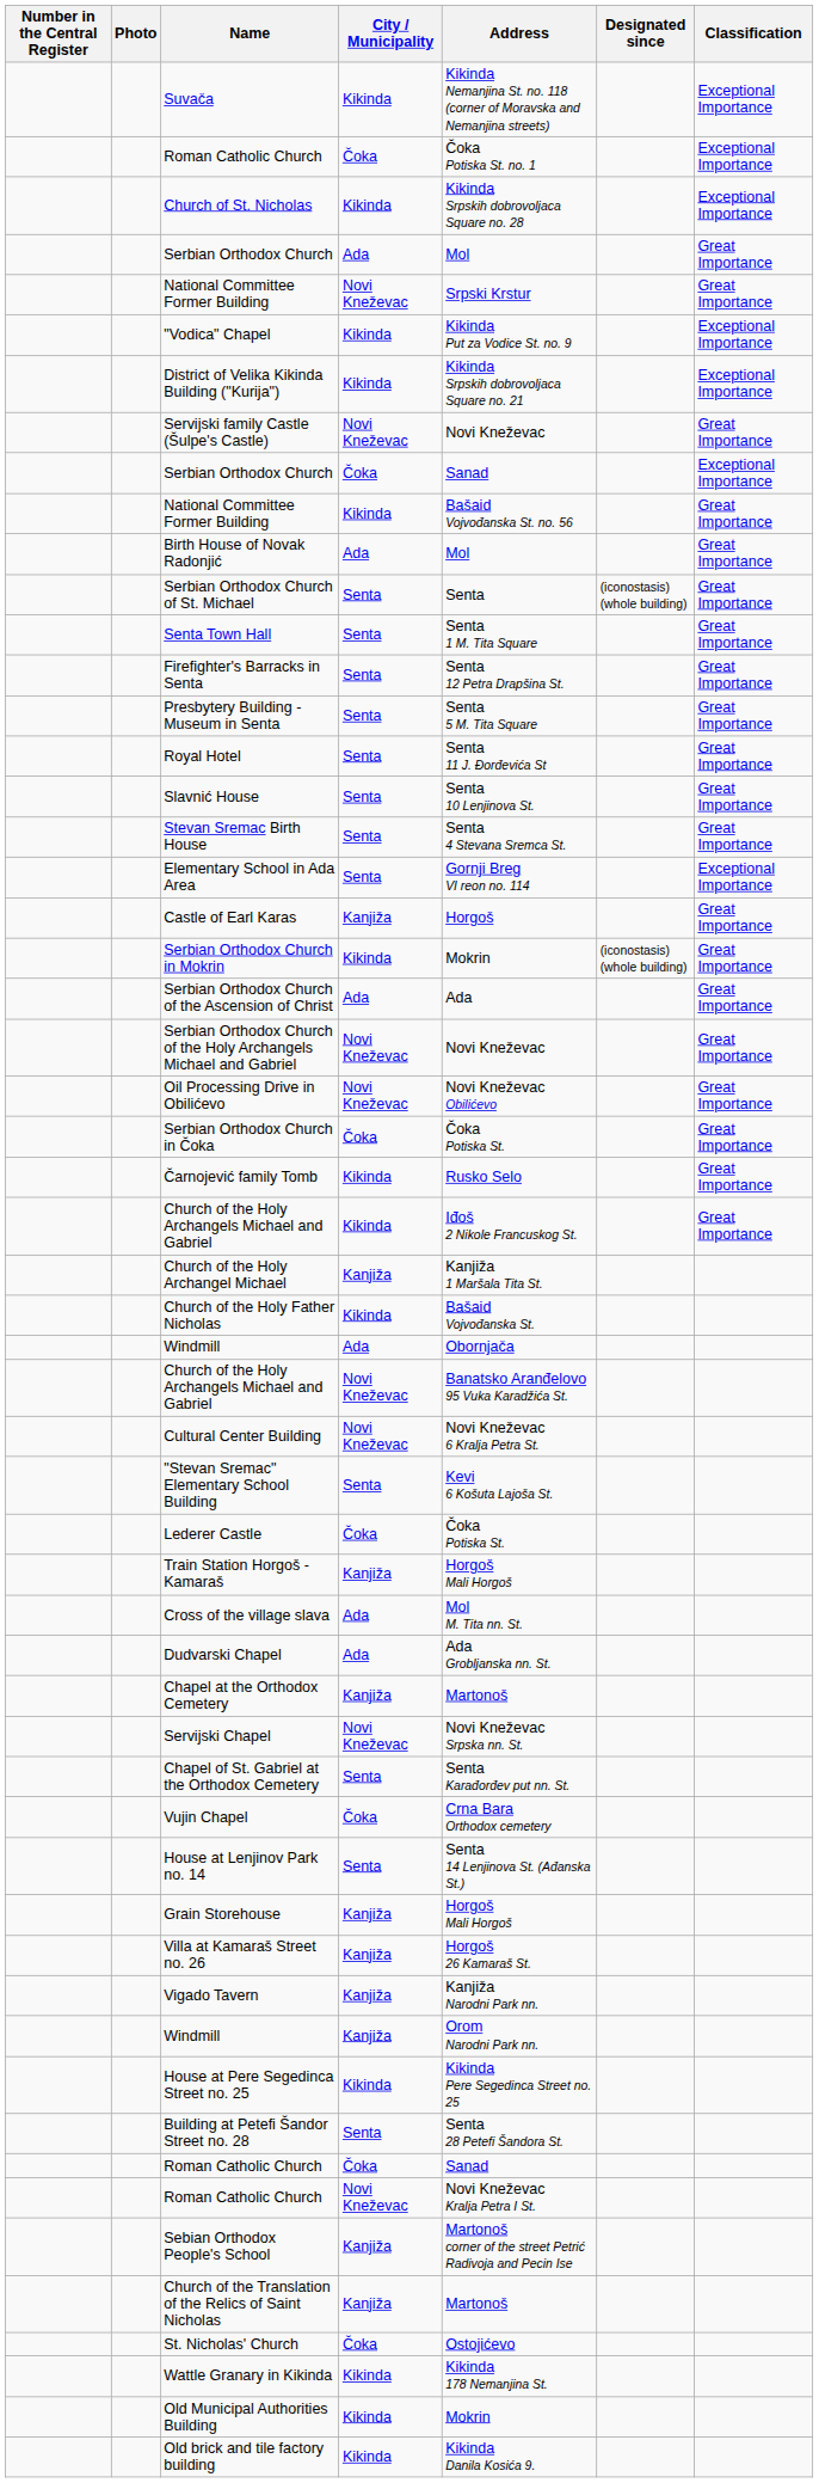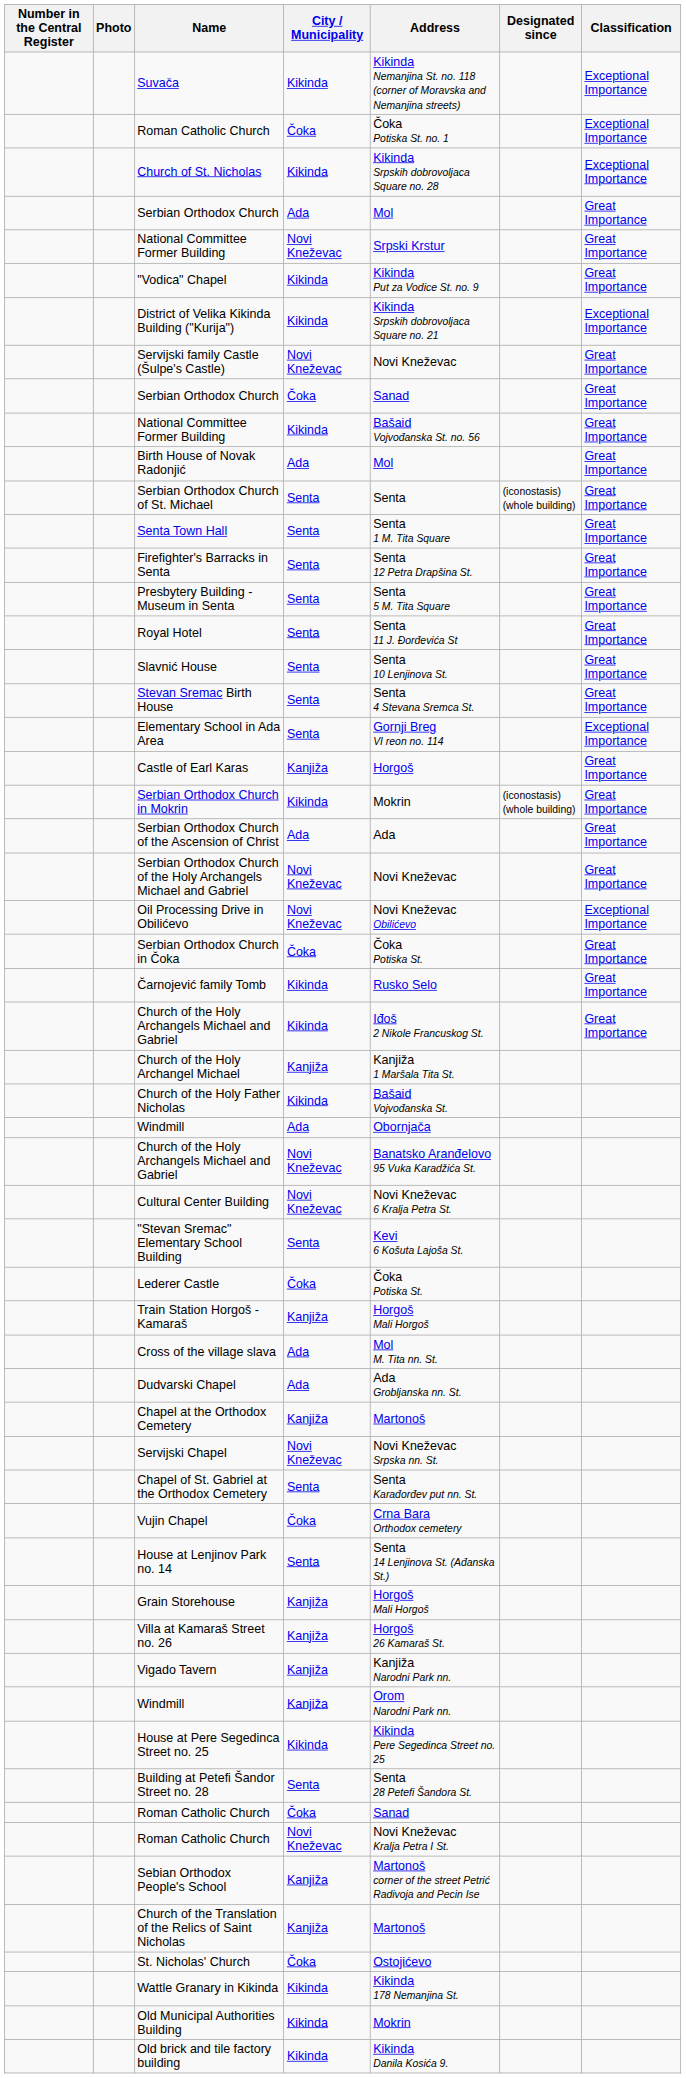 <table class="wikitable sortable">
 <tr>
 <th>Number in the Central Register</th>
 <th>Photo</th>
 <th>Name</th>
 <th><a href='#'>City / Municipality</a></th>
 <th>Address</th>
 <th>Designated since</th>
 <th>Classification</th>
 </tr>
 <tr>
 <td></td>
 <td></td>
 <td><a href='#'>Suvača</a></td>
 <td><a href='#'>Kikinda</a></td>
 <td><a href='#'>Kikinda</a><br><small><em>Nemanjina St. no. 118 (corner of Moravska and Nemanjina streets)</em></small> </td>
 <td></td>
 <td><a href='#'>Exceptional Importance</a></td>
 </tr>
 <tr>
 <td></td>
 <td></td>
 <td>Roman Catholic Church</td>
 <td><a href='#'>Čoka</a></td>
 <td>Čoka<br><small><em>Potiska St. no. 1</em></small> </td>
 <td></td>
 <td><a href='#'>Exceptional Importance</a></td>
 </tr>
 <tr>
 <td></td>
 <td></td>
 <td><a href='#'>Church of St. Nicholas</a></td>
 <td><a href='#'>Kikinda</a></td>
 <td><a href='#'>Kikinda</a><br><small><em>Srpskih dobrovoljaca Square no. 28</em></small> </td>
 <td></td>
 <td><a href='#'>Exceptional Importance</a></td>
 </tr>
 <tr>
 <td></td>
 <td></td>
 <td>Serbian Orthodox Church</td>
 <td><a href='#'>Ada</a></td>
 <td><a href='#'>Mol</a><br></td>
 <td></td>
 <td><a href='#'>Great Importance</a></td>
 </tr>
 <tr>
 <td></td>
 <td></td>
 <td>National Committee Former Building</td>
 <td><a href='#'>Novi Kneževac</a></td>
 <td><a href='#'>Srpski Krstur</a><br></td>
 <td></td>
 <td><a href='#'>Great Importance</a></td>
 </tr>
 <tr>
 <td></td>
 <td></td>
 <td>"Vodica" Chapel</td>
 <td><a href='#'>Kikinda</a></td>
 <td><a href='#'>Kikinda</a><br><em><small>Put za Vodice St. no. 9</small></em> </td>
 <td align="left"></td>
-<td><a href='#'>Exceptional Importance</a></td>
+<td><a href='#'>Great Importance</a></td>
 </tr>
 <tr>
 <td></td>
 <td></td>
 <td>District of Velika Kikinda Building ("Kurija")</td>
 <td><a href='#'>Kikinda</a></td>
 <td><a href='#'>Kikinda</a><br><small><em>Srpskih dobrovoljaca Square no. 21</em></small> </td>
 <td align="left"></td>
 <td><a href='#'>Exceptional Importance</a></td>
 </tr>
 <tr>
 <td></td>
 <td></td>
 <td>Servijski family Castle (Šulpe's Castle)</td>
 <td><a href='#'>Novi Kneževac</a></td>
 <td>Novi Kneževac<br></td>
 <td></td>
 <td><a href='#'>Great Importance</a></td>
 </tr>
 <tr>
 <td></td>
 <td></td>
 <td>Serbian Orthodox Church</td>
 <td><a href='#'>Čoka</a></td>
 <td><a href='#'>Sanad</a><br></td>
 <td></td>
-<td><a href='#'>Exceptional Importance</a></td>
+<td><a href='#'>Great Importance</a></td>
 </tr>
 <tr>
 <td></td>
 <td></td>
 <td>National Committee Former Building</td>
 <td><a href='#'>Kikinda</a></td>
 <td><a href='#'>Bašaid</a><br><small><em>Vojvođanska St. no. 56</em></small><br></td>
 <td></td>
 <td><a href='#'>Great Importance</a></td>
 </tr>
 <tr>
 <td></td>
 <td></td>
 <td>Birth House of Novak Radonjić</td>
 <td><a href='#'>Ada</a></td>
 <td><a href='#'>Mol</a><br></td>
 <td></td>
 <td><a href='#'>Great Importance</a></td>
 </tr>
 <tr>
 <td></td>
 <td></td>
 <td>Serbian Orthodox Church of St. Michael</td>
 <td><a href='#'>Senta</a></td>
 <td>Senta<br></td>
 <td> <small>(iconostasis)</small><br> <small>(whole building)</small></td>
 <td><a href='#'>Great Importance</a></td>
 </tr>
 <tr>
 <td></td>
 <td></td>
 <td><a href='#'>Senta Town Hall</a></td>
 <td><a href='#'>Senta</a></td>
 <td>Senta<br><em><small>1 M. Tita Square</small></em> </td>
 <td></td>
 <td><a href='#'>Great Importance</a></td>
 </tr>
 <tr>
 <td></td>
 <td></td>
 <td>Firefighter's Barracks in Senta</td>
 <td><a href='#'>Senta</a></td>
 <td>Senta<br><em><small>12 Petra Drapšina St.</small></em> </td>
 <td></td>
 <td><a href='#'>Great Importance</a></td>
 </tr>
 <tr>
 <td></td>
 <td></td>
 <td>Presbytery Building - Museum in Senta</td>
 <td><a href='#'>Senta</a></td>
 <td>Senta<br><em><small>5 M. Tita Square</small></em> </td>
 <td></td>
 <td><a href='#'>Great Importance</a></td>
 </tr>
 <tr>
 <td></td>
 <td></td>
 <td>Royal Hotel</td>
 <td><a href='#'>Senta</a></td>
 <td>Senta<br><em><small>11 J. Đorđevića St</small></em> </td>
 <td></td>
 <td><a href='#'>Great Importance</a></td>
 </tr>
 <tr>
 <td></td>
 <td></td>
 <td>Slavnić House</td>
 <td><a href='#'>Senta</a></td>
 <td>Senta<br><em><small>10 Lenjinova St.</small></em> </td>
 <td></td>
 <td><a href='#'>Great Importance</a></td>
 </tr>
 <tr>
 <td></td>
 <td></td>
 <td><a href='#'>Stevan Sremac</a> Birth House</td>
 <td><a href='#'>Senta</a></td>
 <td>Senta<br><em><small>4 Stevana Sremca St.</small></em> </td>
 <td></td>
 <td><a href='#'>Great Importance</a></td>
 </tr>
 <tr>
 <td></td>
 <td></td>
 <td>Elementary School in Ada Area</td>
 <td><a href='#'>Senta</a></td>
 <td><a href='#'>Gornji Breg</a><br><em><small>VI reon no. 114</small></em> </td>
 <td></td>
 <td><a href='#'>Exceptional Importance</a></td>
 </tr>
 <tr>
 <td></td>
 <td></td>
 <td>Castle of Earl Karas</td>
 <td><a href='#'>Kanjiža</a></td>
 <td><a href='#'>Horgoš</a><br></td>
 <td></td>
 <td><a href='#'>Great Importance</a></td>
 </tr>
 <tr>
 <td></td>
 <td></td>
 <td><a href='#'>Serbian Orthodox Church in Mokrin</a></td>
 <td><a href='#'>Kikinda</a></td>
 <td>Mokrin<br></td>
 <td> <small>(iconostasis)</small><br> <small>(whole building)</small></td>
 <td><a href='#'>Great Importance</a></td>
 </tr>
 <tr>
 <td></td>
 <td></td>
 <td>Serbian Orthodox Church of the Ascension of Christ</td>
 <td><a href='#'>Ada</a></td>
 <td>Ada<br></td>
 <td></td>
 <td><a href='#'>Great Importance</a></td>
 </tr>
 <tr>
 <td></td>
 <td></td>
 <td>Serbian Orthodox Church of the Holy Archangels Michael and Gabriel</td>
 <td><a href='#'>Novi Kneževac</a></td>
 <td>Novi Kneževac<br></td>
 <td></td>
 <td><a href='#'>Great Importance</a></td>
 </tr>
 <tr>
 <td></td>
 <td></td>
 <td>Oil Processing Drive in Obilićevo</td>
 <td><a href='#'>Novi Kneževac</a></td>
 <td>Novi Kneževac<br><em><small><a href='#'>Obilićevo</a></small></em> </td>
 <td></td>
-<td><a href='#'>Great Importance</a></td>
+<td><a href='#'>Exceptional Importance</a></td>
 </tr>
 <tr>
 <td></td>
 <td></td>
 <td>Serbian Orthodox Church in Čoka</td>
 <td><a href='#'>Čoka</a></td>
 <td>Čoka<br><em><small>Potiska St.</small></em> </td>
 <td></td>
 <td><a href='#'>Great Importance</a></td>
 </tr>
 <tr>
 <td></td>
 <td></td>
 <td>Čarnojević family Tomb</td>
 <td><a href='#'>Kikinda</a></td>
 <td><a href='#'>Rusko Selo</a><br></td>
 <td></td>
 <td><a href='#'>Great Importance</a></td>
 </tr>
 <tr>
 <td></td>
 <td></td>
 <td>Church of the Holy Archangels Michael and Gabriel</td>
 <td><a href='#'>Kikinda</a></td>
 <td><a href='#'>Iđoš</a><br><em><small>2 Nikole Francuskog St.</small></em> </td>
 <td align="left"></td>
 <td><a href='#'>Great Importance</a></td>
 </tr>
 <tr>
 <td></td>
 <td></td>
 <td>Church of the Holy Archangel Michael</td>
 <td><a href='#'>Kanjiža</a></td>
 <td>Kanjiža<br><em><small>1 Maršala Tita St.</small></em> </td>
 <td></td>
 <td></td>
 </tr>
 <tr>
 <td></td>
 <td></td>
 <td>Church of the Holy Father Nicholas</td>
 <td><a href='#'>Kikinda</a></td>
 <td><a href='#'>Bašaid</a><br><em><small>Vojvođanska St.</small></em> </td>
 <td></td>
 <td></td>
 </tr>
 <tr>
 <td></td>
 <td></td>
 <td>Windmill</td>
 <td><a href='#'>Ada</a></td>
 <td><a href='#'>Obornjača</a><br></td>
 <td></td>
 <td></td>
 </tr>
 <tr>
 <td></td>
 <td></td>
 <td>Church of the Holy Archangels Michael and Gabriel</td>
 <td><a href='#'>Novi Kneževac</a></td>
 <td><a href='#'>Banatsko Aranđelovo</a><br><em><small>95 Vuka Karadžića St.</small></em> </td>
 <td></td>
 <td></td>
 </tr>
 <tr>
 <td></td>
 <td></td>
 <td>Cultural Center Building</td>
 <td><a href='#'>Novi Kneževac</a></td>
 <td>Novi Kneževac<br><em><small>6 Kralja Petra St.</small></em> </td>
 <td></td>
 <td></td>
 </tr>
 <tr>
 <td></td>
 <td></td>
 <td>"Stevan Sremac" Elementary School Building</td>
 <td><a href='#'>Senta</a></td>
 <td><a href='#'>Kevi</a><br><em><small>6 Košuta Lajoša St.</small></em> </td>
 <td></td>
 <td></td>
 </tr>
 <tr>
 <td></td>
 <td></td>
 <td>Lederer Castle</td>
 <td><a href='#'>Čoka</a></td>
 <td>Čoka<br><em><small>Potiska St.</small></em> </td>
 <td></td>
 <td></td>
 </tr>
 <tr>
 <td></td>
 <td></td>
 <td>Train Station Horgoš - Kamaraš</td>
 <td><a href='#'>Kanjiža</a></td>
 <td><a href='#'>Horgoš</a><br><em><small>Mali Horgoš</small></em> </td>
 <td></td>
 <td></td>
 </tr>
 <tr>
 <td></td>
 <td></td>
 <td>Cross of the village slava</td>
 <td><a href='#'>Ada</a></td>
 <td><a href='#'>Mol</a><br><em><small>M. Tita nn. St.</small></em> </td>
 <td></td>
 <td></td>
 </tr>
 <tr>
 <td></td>
 <td></td>
 <td>Dudvarski Chapel</td>
 <td><a href='#'>Ada</a></td>
 <td>Ada<br><em><small>Grobljanska nn. St.</small></em> </td>
 <td></td>
 <td></td>
 </tr>
 <tr>
 <td></td>
 <td></td>
 <td>Chapel at the Orthodox Cemetery</td>
 <td><a href='#'>Kanjiža</a></td>
 <td><a href='#'>Martonoš</a><br></td>
 <td></td>
 <td></td>
 </tr>
 <tr>
 <td></td>
 <td></td>
 <td>Servijski Chapel</td>
 <td><a href='#'>Novi Kneževac</a></td>
 <td>Novi Kneževac<br><em><small>Srpska nn. St.</small></em> </td>
 <td></td>
 <td></td>
 </tr>
 <tr>
 <td></td>
 <td></td>
 <td>Chapel of St. Gabriel at the Orthodox Cemetery</td>
 <td><a href='#'>Senta</a></td>
 <td>Senta<br><em><small>Karađorđev put nn. St.</small></em> </td>
 <td></td>
 <td></td>
 </tr>
 <tr>
 <td></td>
 <td></td>
 <td>Vujin Chapel</td>
 <td><a href='#'>Čoka</a></td>
 <td><a href='#'>Crna Bara</a><br><em><small>Orthodox cemetery</small></em> </td>
 <td></td>
 <td></td>
 </tr>
 <tr>
 <td></td>
 <td></td>
 <td>House at Lenjinov Park no. 14</td>
 <td><a href='#'>Senta</a></td>
 <td>Senta<br><em><small>14 Lenjinova St. (Ađanska St.)</small></em> </td>
 <td></td>
 <td></td>
 </tr>
 <tr>
 <td></td>
 <td></td>
 <td>Grain Storehouse</td>
 <td><a href='#'>Kanjiža</a></td>
 <td><a href='#'>Horgoš</a><br><em><small>Mali Horgoš</small></em> </td>
 <td></td>
 <td></td>
 </tr>
 <tr>
 <td></td>
 <td></td>
 <td>Villa at Kamaraš Street no. 26</td>
 <td><a href='#'>Kanjiža</a></td>
 <td><a href='#'>Horgoš</a><br><em><small>26 Kamaraš St.</small></em> </td>
 <td></td>
 <td></td>
 </tr>
 <tr>
 <td></td>
 <td></td>
 <td>Vigado Tavern</td>
 <td><a href='#'>Kanjiža</a></td>
 <td>Kanjiža<br><em><small>Narodni Park nn.</small></em> </td>
 <td></td>
 <td></td>
 </tr>
 <tr>
 <td></td>
 <td></td>
 <td>Windmill</td>
 <td><a href='#'>Kanjiža</a></td>
 <td><a href='#'>Orom</a><br><em><small>Narodni Park nn.</small></em> </td>
 <td></td>
 <td></td>
 </tr>
 <tr>
 <td></td>
 <td></td>
 <td>House at Pere Segedinca Street no. 25</td>
 <td><a href='#'>Kikinda</a></td>
 <td><a href='#'>Kikinda</a><br><small><em>Pere Segedinca Street no. 25</em></small> </td>
 <td></td>
 <td></td>
 </tr>
 <tr>
 <td></td>
 <td></td>
 <td>Building at Petefi Šandor Street no. 28</td>
 <td><a href='#'>Senta</a></td>
 <td>Senta<br><em><small>28 Petefi Šandora St.</small></em> </td>
 <td></td>
 <td></td>
 </tr>
 <tr>
 <td></td>
 <td></td>
 <td>Roman Catholic Church</td>
 <td><a href='#'>Čoka</a></td>
 <td><a href='#'>Sanad</a><br></td>
 <td></td>
 <td></td>
 </tr>
 <tr>
 <td></td>
 <td></td>
 <td>Roman Catholic Church</td>
 <td><a href='#'>Novi Kneževac</a></td>
 <td>Novi Kneževac<br><em><small>Kralja Petra I St.</small></em> </td>
 <td></td>
 <td></td>
 </tr>
 <tr>
 <td></td>
 <td></td>
 <td>Sebian Orthodox People's School</td>
 <td><a href='#'>Kanjiža</a></td>
 <td><a href='#'>Martonoš</a><br><em><small>corner of the street Petrić Radivoja and Pecin Ise</small></em> </td>
 <td></td>
 <td></td>
 </tr>
 <tr>
 <td></td>
 <td></td>
 <td>Church of the Translation of the Relics of Saint Nicholas</td>
 <td><a href='#'>Kanjiža</a></td>
 <td><a href='#'>Martonoš</a><br></td>
 <td></td>
 <td></td>
 </tr>
 <tr>
 <td></td>
 <td></td>
 <td>St. Nicholas' Church</td>
 <td><a href='#'>Čoka</a></td>
 <td><a href='#'>Ostojićevo</a><br></td>
 <td></td>
 <td></td>
 </tr>
 <tr>
 <td></td>
 <td></td>
 <td>Wattle Granary in Kikinda</td>
 <td><a href='#'>Kikinda</a></td>
 <td><a href='#'>Kikinda</a><br><small><em>178 Nemanjina St.</em></small> </td>
 <td></td>
 <td></td>
 </tr>
 <tr>
 <td></td>
 <td></td>
 <td>Old Municipal Authorities Building</td>
 <td><a href='#'>Kikinda</a></td>
 <td><a href='#'>Mokrin</a><br></td>
 <td></td>
 <td></td>
 </tr>
 <tr>
 <td></td>
 <td></td>
 <td>Old brick and tile factory building</td>
 <td><a href='#'>Kikinda</a></td>
 <td><a href='#'>Kikinda</a><br><small><em>Danila Kosića 9.</em></small> </td>
 <td></td>
 <td></td>
 </tr>
 </table>
